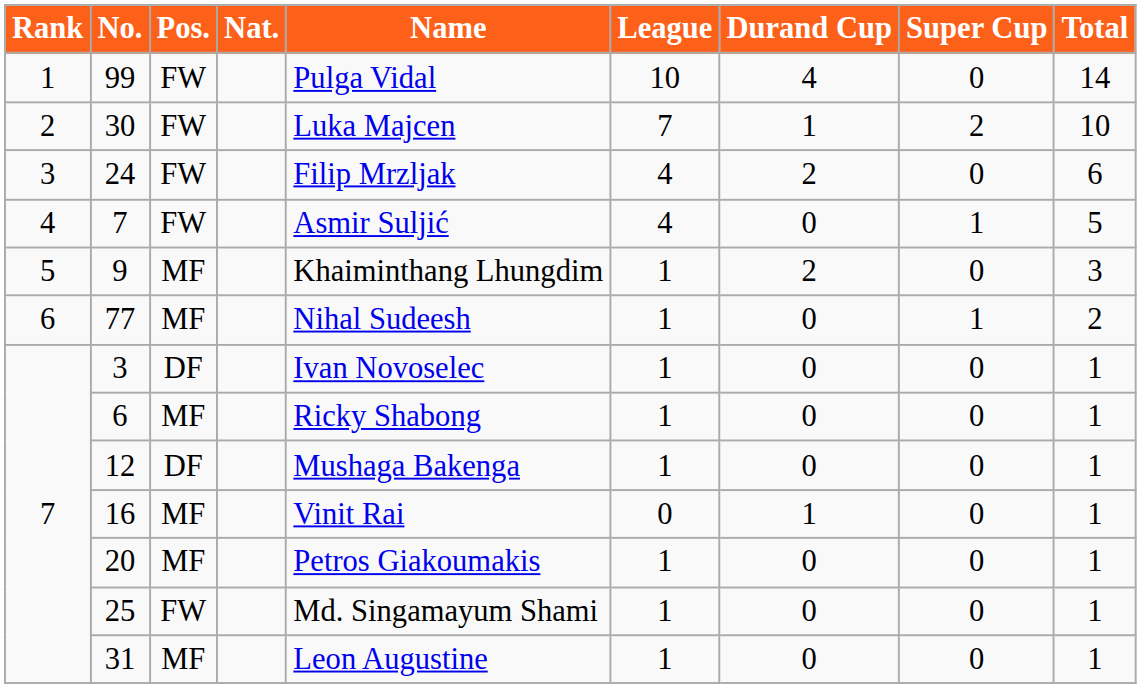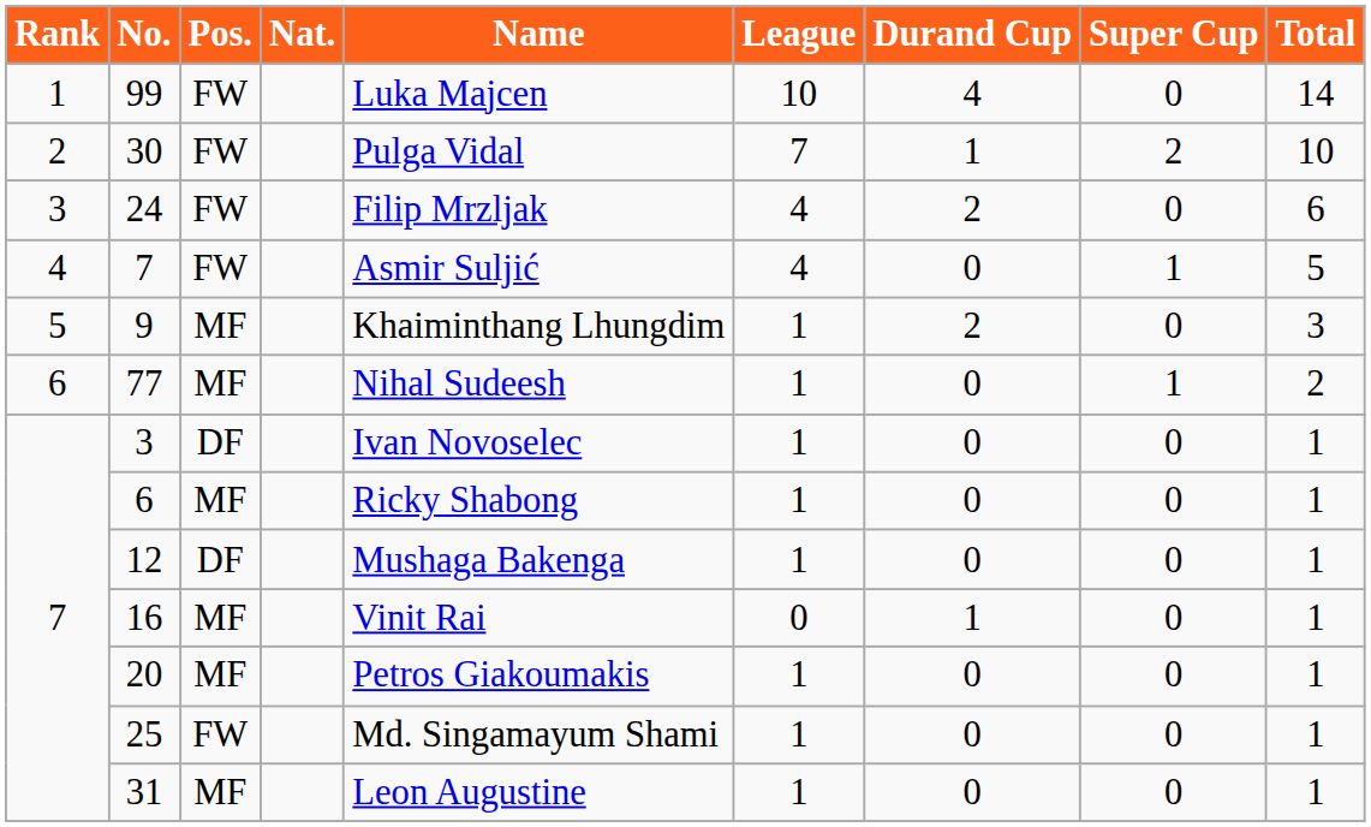 <table class="wikitable" style="font-size; text-align: center;">
 <tr>
 <th style="background:#FD6019; color:#FFFFFF; text-align:center;">Rank</th>
 <th style="background:#FD6019; color:#FFFFFF; text-align:center;">No.</th>
 <th style="background:#FD6019; color:#FFFFFF; text-align:center;">Pos.</th>
 <th style="background:#FD6019; color:#FFFFFF; text-align:center;">Nat.</th>
 <th style="background:#FD6019; color:#FFFFFF; text-align:center;">Name</th>
 <th style="background:#FD6019; color:#FFFFFF; text-align:center;">League</th>
 <th style="background:#FD6019; color:#FFFFFF; text-align:center;">Durand Cup</th>
 <th style="background:#FD6019; color:#FFFFFF; text-align:center;">Super Cup</th>
 <th style="background:#FD6019; color:#FFFFFF; text-align:center;">Total</th>
 </tr>
 <tr>
 <td>1</td>
 <td>99</td>
 <td>FW</td>
 <td></td>
-<td align="left"><a href='#'>Pulga Vidal</a></td>
+<td align="left"><a href='#'>Luka Majcen</a></td>
 <td>10</td>
 <td>4</td>
 <td>0</td>
 <td>14</td>
 </tr>
 <tr>
 <td>2</td>
 <td>30</td>
 <td>FW</td>
 <td></td>
-<td align="left"><a href='#'>Luka Majcen</a></td>
+<td align="left"><a href='#'>Pulga Vidal</a></td>
 <td>7</td>
 <td>1</td>
 <td>2</td>
 <td>10</td>
 </tr>
 <tr>
 <td>3</td>
 <td>24</td>
 <td>FW</td>
 <td></td>
 <td align="left"><a href='#'>Filip Mrzljak</a></td>
 <td>4</td>
 <td>2</td>
 <td>0</td>
 <td>6</td>
 </tr>
 <tr>
 <td>4</td>
 <td>7</td>
 <td>FW</td>
 <td></td>
 <td align="left"><a href='#'>Asmir Suljić</a></td>
 <td>4</td>
 <td>0</td>
 <td>1</td>
 <td>5</td>
 </tr>
 <tr>
 <td>5</td>
 <td>9</td>
 <td>MF</td>
 <td></td>
 <td align="left">Khaiminthang Lhungdim</td>
 <td>1</td>
 <td>2</td>
 <td>0</td>
 <td>3</td>
 </tr>
 <tr>
 <td>6</td>
 <td>77</td>
 <td>MF</td>
 <td></td>
 <td align="left"><a href='#'>Nihal Sudeesh</a></td>
 <td>1</td>
 <td>0</td>
 <td>1</td>
 <td>2</td>
 </tr>
 <tr>
 <td rowspan="8">7</td>
 <td>3</td>
 <td>DF</td>
 <td></td>
 <td align="left"><a href='#'>Ivan Novoselec</a></td>
 <td>1</td>
 <td>0</td>
 <td>0</td>
 <td>1</td>
 </tr>
 <tr>
 <td>6</td>
 <td>MF</td>
 <td></td>
 <td align="left"><a href='#'>Ricky Shabong</a></td>
 <td>1</td>
 <td>0</td>
 <td>0</td>
 <td>1</td>
 </tr>
 <tr>
 <td>12</td>
 <td>DF</td>
 <td></td>
 <td align="left"><a href='#'>Mushaga Bakenga</a></td>
 <td>1</td>
 <td>0</td>
 <td>0</td>
 <td>1</td>
 </tr>
 <tr>
 <td>16</td>
 <td>MF</td>
 <td></td>
 <td align="left"><a href='#'>Vinit Rai</a></td>
 <td>0</td>
 <td>1</td>
 <td>0</td>
 <td>1</td>
 </tr>
 <tr>
 <td>20</td>
 <td>MF</td>
 <td></td>
 <td align="left"><a href='#'>Petros Giakoumakis</a></td>
 <td>1</td>
 <td>0</td>
 <td>0</td>
 <td>1</td>
 </tr>
 <tr>
 <td>25</td>
 <td>FW</td>
 <td></td>
 <td align="left">Md. Singamayum Shami</td>
 <td>1</td>
 <td>0</td>
 <td>0</td>
 <td>1</td>
 </tr>
 <tr>
 <td>31</td>
 <td>MF</td>
 <td></td>
 <td align="left"><a href='#'>Leon Augustine</a></td>
 <td>1</td>
 <td>0</td>
 <td>0</td>
 <td>1</td>
 </tr>
 </table>
